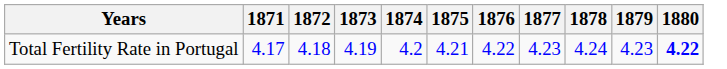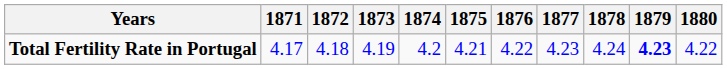 <table class="wikitable " style="text-align:right">
 <tr>
 <th>Years</th>
 <th>1871</th>
 <th>1872</th>
 <th>1873</th>
 <th>1874</th>
 <th>1875</th>
 <th>1876</th>
 <th>1877</th>
 <th>1878</th>
 <th>1879</th>
 <th>1880</th>
 </tr>
 <tr>
-<td align="left">Total Fertility Rate in Portugal</td>
+<td align="left"><strong>Total Fertility Rate in Portugal</strong></td>
 <td style="text-align:right; color:blue;">4.17</td>
 <td style="text-align:right; color:blue;">4.18</td>
 <td style="text-align:right; color:blue;">4.19</td>
 <td style="text-align:right; color:blue;">4.2</td>
 <td style="text-align:right; color:blue;">4.21</td>
 <td style="text-align:right; color:blue;">4.22</td>
 <td style="text-align:right; color:blue;">4.23</td>
 <td style="text-align:right; color:blue;">4.24</td>
-<td style="text-align:right; color:blue;">4.23</td>
-<td style="text-align:right; color:blue;"><strong>4.22</strong></td>
+<td style="text-align:right; color:blue;"><strong>4.23</strong></td>
+<td style="text-align:right; color:blue;">4.22</td>
 </tr>
 </table>
